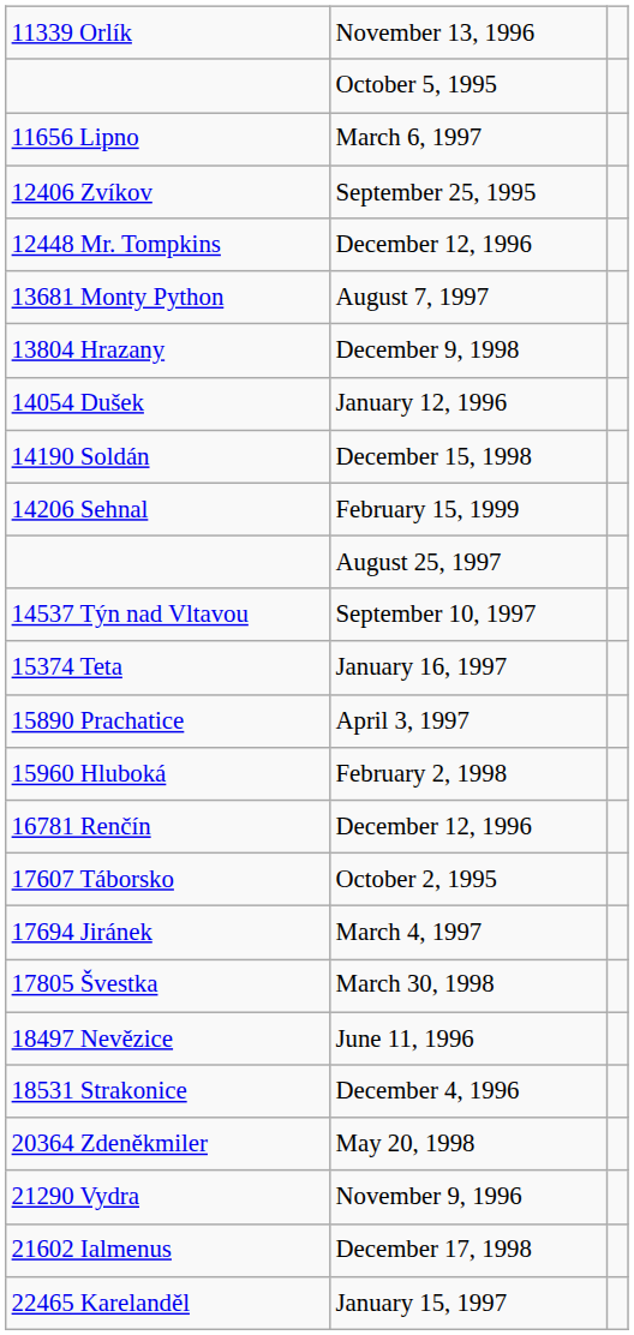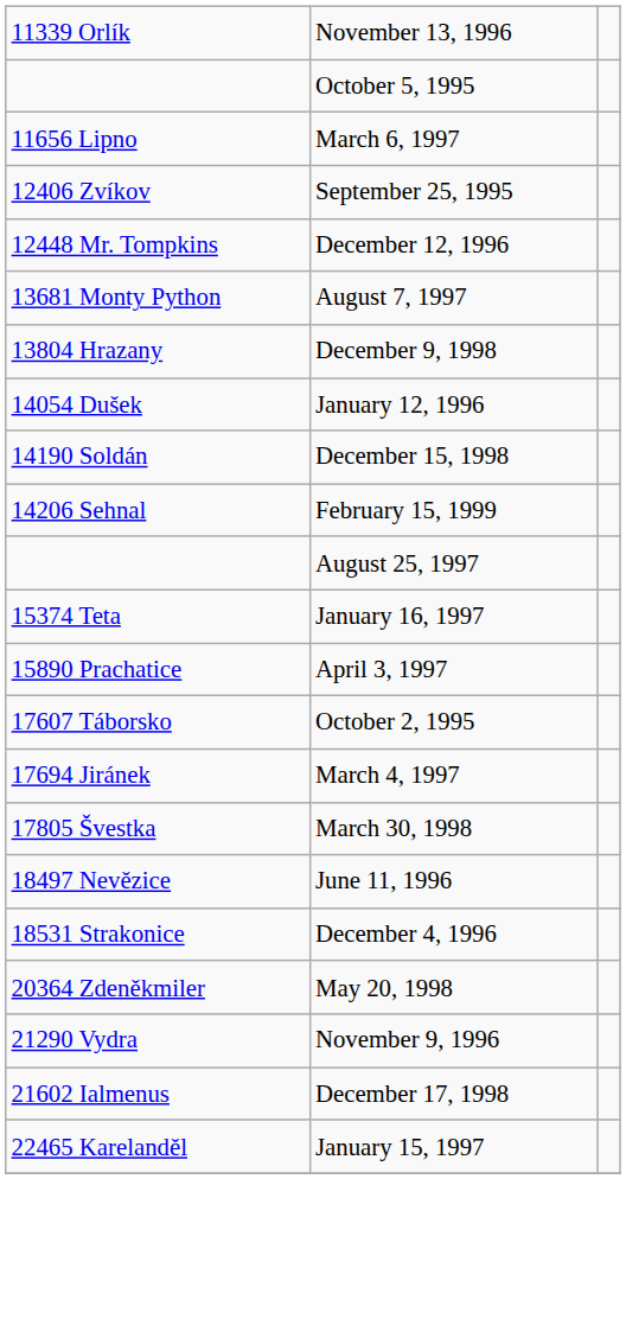 <table class="wikitable" style="font-size: 89%; float: left; width: 25em; margin-right: 1em; line-height: 1.65em !important; height: 675px;">
 <tr>
 <td><a href='#'>11339 Orlík</a></td>
 <td>November 13, 1996</td>
 <td> </td>
 </tr>
 <tr>
 <td></td>
 <td>October 5, 1995</td>
 <td></td>
 </tr>
 <tr>
 <td><a href='#'>11656 Lipno</a></td>
 <td>March 6, 1997</td>
 <td> </td>
 </tr>
 <tr>
 <td><a href='#'>12406 Zvíkov</a></td>
 <td>September 25, 1995</td>
 <td> </td>
 </tr>
 <tr>
 <td><a href='#'>12448 Mr. Tompkins</a></td>
 <td>December 12, 1996</td>
 <td> </td>
 </tr>
 <tr>
 <td><a href='#'>13681 Monty Python</a></td>
 <td>August 7, 1997</td>
 <td> </td>
 </tr>
 <tr>
 <td><a href='#'>13804 Hrazany</a></td>
 <td>December 9, 1998</td>
 <td> </td>
 </tr>
 <tr>
 <td><a href='#'>14054 Dušek</a></td>
 <td>January 12, 1996</td>
 <td> </td>
 </tr>
 <tr>
 <td><a href='#'>14190 Soldán</a></td>
 <td>December 15, 1998</td>
 <td> </td>
 </tr>
 <tr>
 <td><a href='#'>14206 Sehnal</a></td>
 <td>February 15, 1999</td>
 <td> </td>
 </tr>
 <tr>
 <td></td>
 <td>August 25, 1997</td>
 <td></td>
 </tr>
 <tr>
-<td><a href='#'>14537 Týn nad Vltavou</a></td>
-<td>September 10, 1997</td>
-<td> </td>
-</tr>
-<tr>
 <td><a href='#'>15374 Teta</a></td>
 <td>January 16, 1997</td>
 <td> </td>
 </tr>
 <tr>
 <td><a href='#'>15890 Prachatice</a></td>
 <td>April 3, 1997</td>
-<td> </td>
-</tr>
-<tr>
-<td><a href='#'>15960 Hluboká</a></td>
-<td>February 2, 1998</td>
-<td> </td>
-</tr>
-<tr>
-<td><a href='#'>16781 Renčín</a></td>
-<td>December 12, 1996</td>
 <td> </td>
 </tr>
 <tr>
 <td><a href='#'>17607 Táborsko</a></td>
 <td>October 2, 1995</td>
 <td> </td>
 </tr>
 <tr>
 <td><a href='#'>17694 Jiránek</a></td>
 <td>March 4, 1997</td>
 <td> </td>
 </tr>
 <tr>
 <td><a href='#'>17805 Švestka</a></td>
 <td>March 30, 1998</td>
 <td> </td>
 </tr>
 <tr>
 <td><a href='#'>18497 Nevězice</a></td>
 <td>June 11, 1996</td>
 <td> </td>
 </tr>
 <tr>
 <td><a href='#'>18531 Strakonice</a></td>
 <td>December 4, 1996</td>
 <td> </td>
 </tr>
 <tr>
 <td><a href='#'>20364 Zdeněkmiler</a></td>
 <td>May 20, 1998</td>
 <td> </td>
 </tr>
 <tr>
 <td><a href='#'>21290 Vydra</a></td>
 <td>November 9, 1996</td>
 <td> </td>
 </tr>
 <tr>
 <td><a href='#'>21602 Ialmenus</a></td>
 <td>December 17, 1998</td>
 <td> </td>
 </tr>
 <tr>
 <td><a href='#'>22465 Karelanděl</a></td>
 <td>January 15, 1997</td>
 <td> </td>
 </tr>
 <tr>
 </tr>
 </table>
